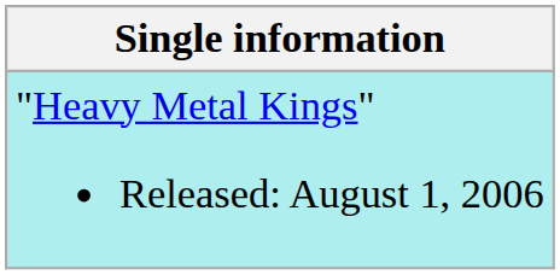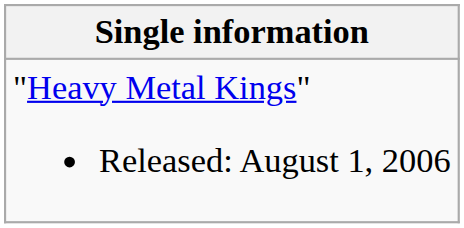 <table class="wikitable">
 <tr>
 <th>Single information</th>
 </tr>
 <tr>
-<td align="left" style="background: paleturquoise;">"<a href='#'>Heavy Metal Kings</a>"<br><ul><li>Released: August 1, 2006</li></ul></td>
+<td align="left">"<a href='#'>Heavy Metal Kings</a>"<br><ul><li>Released: August 1, 2006</li></ul></td>
 </tr>
 </table>
